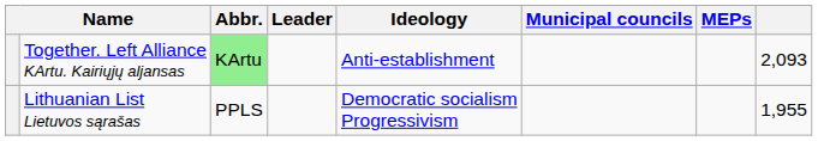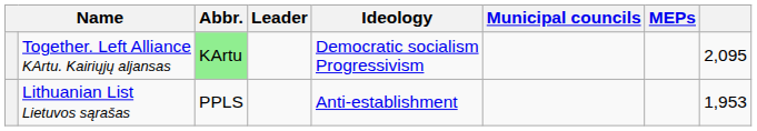 <table class="wikitable sortable">
 <tr>
 <th colspan=2>Name</th>
 <th>Abbr.</th>
 <th>Leader</th>
 <th>Ideology</th>
 <th><a href='#'>Municipal councils</a></th>
 <th><a href='#'>MEPs</a></th>
 <th></th>
 </tr>
 <tr>
 <th width="5px" style="background-color: "></th>
 <td><a href='#'>Together. Left Alliance</a> <br><small><em>KArtu. Kairiųjų aljansas</em></small></td>
 <td style="background: lightgreen;">KArtu</td>
 <td></td>
-<td><a href='#'>Anti-establishment</a></td>
+<td><a href='#'>Democratic socialism</a><br><a href='#'>Progressivism</a></td>
 <td></td>
 <td></td>
-<td> 2,093</td>
+<td> 2,095</td>
 </tr>
 <tr>
 <th width="5px" style="background-color: "></th>
 <td><a href='#'>Lithuanian List</a> <br><small><em>Lietuvos sąrašas</em></small></td>
 <td>PPLS</td>
 <td></td>
-<td><a href='#'>Democratic socialism</a><br><a href='#'>Progressivism</a></td>
+<td><a href='#'>Anti-establishment</a></td>
 <td></td>
 <td></td>
-<td> 1,955</td>
+<td> 1,953</td>
 </tr>
 </table>
